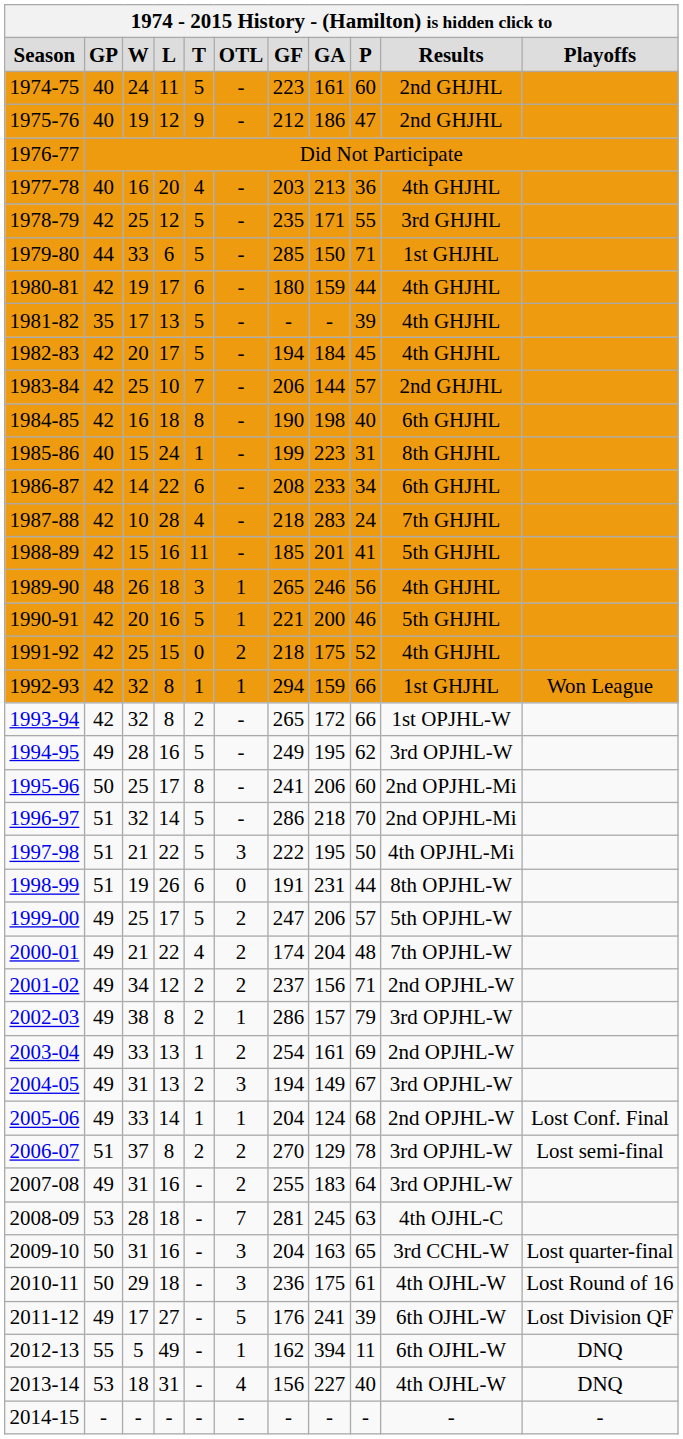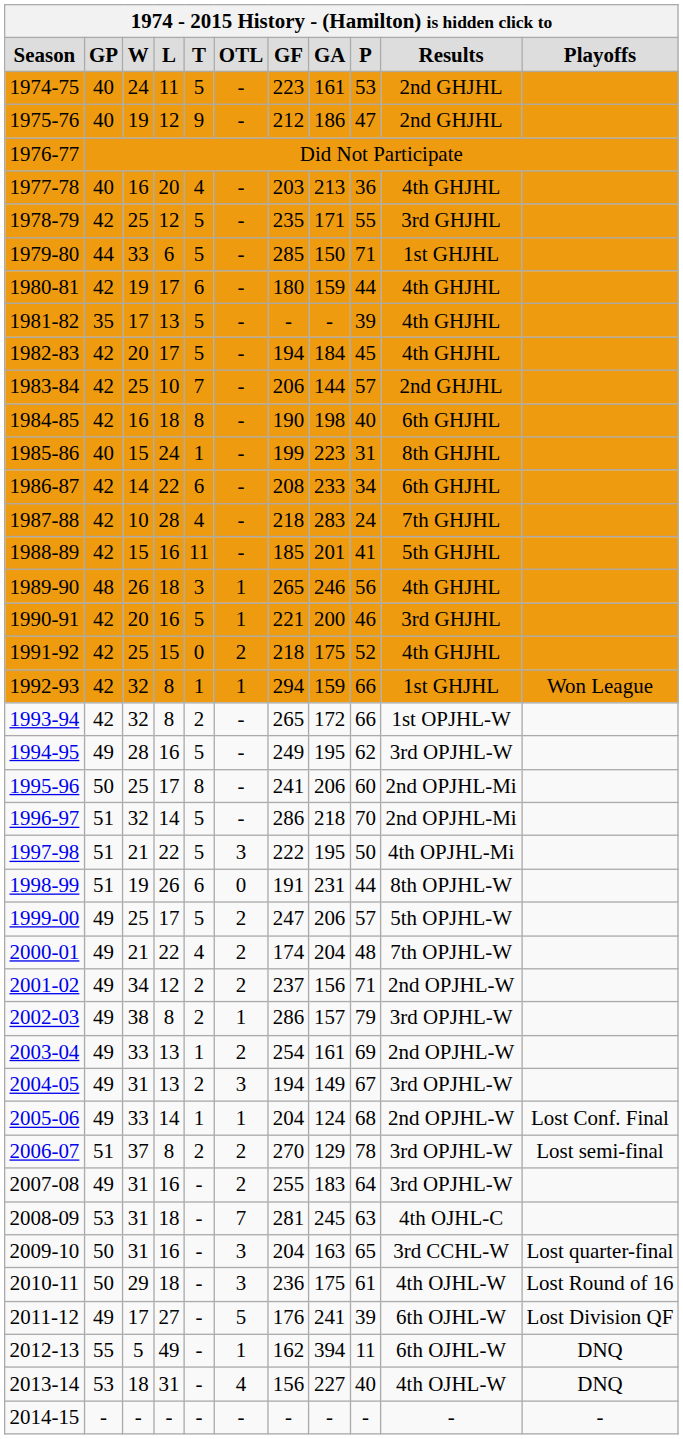 <table class="wikitable collapsible collapsed" style="text-align:center;">
 <tr>
 <th colspan=12 bgcolor="#822433" text_color=white><strong>1974 - 2015 History - (Hamilton)</strong> <small>is hidden click to </small></th>
 </tr>
 <tr align="center"  bgcolor="#dddddd">
 <td><strong>Season</strong></td>
 <td><strong>GP</strong></td>
 <td><strong>W</strong></td>
 <td><strong>L</strong></td>
 <td><strong>T</strong></td>
 <td><strong>OTL</strong></td>
 <td><strong>GF</strong></td>
 <td><strong>GA</strong></td>
 <td><strong>P</strong></td>
 <td><strong>Results</strong></td>
 <td><strong>Playoffs</strong></td>
 </tr>
 <tr align="center" bgcolor="#EF9B0F">
 <td>1974-75</td>
 <td>40</td>
 <td>24</td>
 <td>11</td>
 <td>5</td>
 <td>-</td>
 <td>223</td>
 <td>161</td>
-<td>60</td>
+<td>53</td>
 <td>2nd GHJHL</td>
 <td></td>
 </tr>
 <tr align="center" bgcolor="#EF9B0F">
 <td>1975-76</td>
 <td>40</td>
 <td>19</td>
 <td>12</td>
 <td>9</td>
 <td>-</td>
 <td>212</td>
 <td>186</td>
 <td>47</td>
 <td>2nd GHJHL</td>
 <td></td>
 </tr>
 <tr align="center" bgcolor="#EF9B0F">
 <td>1976-77</td>
 <td colspan="11">Did Not Participate</td>
 </tr>
 <tr align="center" bgcolor="#EF9B0F">
 <td>1977-78</td>
 <td>40</td>
 <td>16</td>
 <td>20</td>
 <td>4</td>
 <td>-</td>
 <td>203</td>
 <td>213</td>
 <td>36</td>
 <td>4th GHJHL</td>
 <td></td>
 </tr>
 <tr align="center" bgcolor="#EF9B0F">
 <td>1978-79</td>
 <td>42</td>
 <td>25</td>
 <td>12</td>
 <td>5</td>
 <td>-</td>
 <td>235</td>
 <td>171</td>
 <td>55</td>
 <td>3rd GHJHL</td>
 <td></td>
 </tr>
 <tr align="center" bgcolor="#EF9B0F">
 <td>1979-80</td>
 <td>44</td>
 <td>33</td>
 <td>6</td>
 <td>5</td>
 <td>-</td>
 <td>285</td>
 <td>150</td>
 <td>71</td>
 <td>1st GHJHL</td>
 <td></td>
 </tr>
 <tr align="center" bgcolor="#EF9B0F">
 <td>1980-81</td>
 <td>42</td>
 <td>19</td>
 <td>17</td>
 <td>6</td>
 <td>-</td>
 <td>180</td>
 <td>159</td>
 <td>44</td>
 <td>4th GHJHL</td>
 <td></td>
 </tr>
 <tr align="center" bgcolor="#EF9B0F">
 <td>1981-82</td>
 <td>35</td>
 <td>17</td>
 <td>13</td>
 <td>5</td>
 <td>-</td>
 <td>-</td>
 <td>-</td>
 <td>39</td>
 <td>4th GHJHL</td>
 <td></td>
 </tr>
 <tr align="center" bgcolor="#EF9B0F">
 <td>1982-83</td>
 <td>42</td>
 <td>20</td>
 <td>17</td>
 <td>5</td>
 <td>-</td>
 <td>194</td>
 <td>184</td>
 <td>45</td>
 <td>4th GHJHL</td>
 <td></td>
 </tr>
 <tr align="center" bgcolor="#EF9B0F">
 <td>1983-84</td>
 <td>42</td>
 <td>25</td>
 <td>10</td>
 <td>7</td>
 <td>-</td>
 <td>206</td>
 <td>144</td>
 <td>57</td>
 <td>2nd GHJHL</td>
 <td></td>
 </tr>
 <tr align="center" bgcolor="#EF9B0F">
 <td>1984-85</td>
 <td>42</td>
 <td>16</td>
 <td>18</td>
 <td>8</td>
 <td>-</td>
 <td>190</td>
 <td>198</td>
 <td>40</td>
 <td>6th GHJHL</td>
 <td></td>
 </tr>
 <tr align="center" bgcolor="#EF9B0F">
 <td>1985-86</td>
 <td>40</td>
 <td>15</td>
 <td>24</td>
 <td>1</td>
 <td>-</td>
 <td>199</td>
 <td>223</td>
 <td>31</td>
 <td>8th GHJHL</td>
 <td></td>
 </tr>
 <tr align="center" bgcolor="#EF9B0F">
 <td>1986-87</td>
 <td>42</td>
 <td>14</td>
 <td>22</td>
 <td>6</td>
 <td>-</td>
 <td>208</td>
 <td>233</td>
 <td>34</td>
 <td>6th GHJHL</td>
 <td></td>
 </tr>
 <tr align="center" bgcolor="#EF9B0F">
 <td>1987-88</td>
 <td>42</td>
 <td>10</td>
 <td>28</td>
 <td>4</td>
 <td>-</td>
 <td>218</td>
 <td>283</td>
 <td>24</td>
 <td>7th GHJHL</td>
 <td></td>
 </tr>
 <tr align="center" bgcolor="#EF9B0F">
 <td>1988-89</td>
 <td>42</td>
 <td>15</td>
 <td>16</td>
 <td>11</td>
 <td>-</td>
 <td>185</td>
 <td>201</td>
 <td>41</td>
 <td>5th GHJHL</td>
 <td></td>
 </tr>
 <tr align="center" bgcolor="#EF9B0F">
 <td>1989-90</td>
 <td>48</td>
 <td>26</td>
 <td>18</td>
 <td>3</td>
 <td>1</td>
 <td>265</td>
 <td>246</td>
 <td>56</td>
 <td>4th GHJHL</td>
 <td></td>
 </tr>
 <tr align="center" bgcolor="#EF9B0F">
 <td>1990-91</td>
 <td>42</td>
 <td>20</td>
 <td>16</td>
 <td>5</td>
 <td>1</td>
 <td>221</td>
 <td>200</td>
 <td>46</td>
-<td>5th GHJHL</td>
+<td>3rd GHJHL</td>
 <td></td>
 </tr>
 <tr align="center" bgcolor="#EF9B0F">
 <td>1991-92</td>
 <td>42</td>
 <td>25</td>
 <td>15</td>
 <td>0</td>
 <td>2</td>
 <td>218</td>
 <td>175</td>
 <td>52</td>
 <td>4th GHJHL</td>
 <td></td>
 </tr>
 <tr align="center" bgcolor="#EF9B0F">
 <td>1992-93</td>
 <td>42</td>
 <td>32</td>
 <td>8</td>
 <td>1</td>
 <td>1</td>
 <td>294</td>
 <td>159</td>
 <td>66</td>
 <td>1st GHJHL</td>
 <td>Won League</td>
 </tr>
 <tr align="center">
 <td><a href='#'>1993-94</a></td>
 <td>42</td>
 <td>32</td>
 <td>8</td>
 <td>2</td>
 <td>-</td>
 <td>265</td>
 <td>172</td>
 <td>66</td>
 <td>1st OPJHL-W</td>
 <td></td>
 </tr>
 <tr align="center">
 <td><a href='#'>1994-95</a></td>
 <td>49</td>
 <td>28</td>
 <td>16</td>
 <td>5</td>
 <td>-</td>
 <td>249</td>
 <td>195</td>
 <td>62</td>
 <td>3rd OPJHL-W</td>
 <td></td>
 </tr>
 <tr align="center">
 <td><a href='#'>1995-96</a></td>
 <td>50</td>
 <td>25</td>
 <td>17</td>
 <td>8</td>
 <td>-</td>
 <td>241</td>
 <td>206</td>
 <td>60</td>
 <td>2nd OPJHL-Mi</td>
 <td></td>
 </tr>
 <tr align="center">
 <td><a href='#'>1996-97</a></td>
 <td>51</td>
 <td>32</td>
 <td>14</td>
 <td>5</td>
 <td>-</td>
 <td>286</td>
 <td>218</td>
 <td>70</td>
 <td>2nd OPJHL-Mi</td>
 <td></td>
 </tr>
 <tr align="center">
 <td><a href='#'>1997-98</a></td>
 <td>51</td>
 <td>21</td>
 <td>22</td>
 <td>5</td>
 <td>3</td>
 <td>222</td>
 <td>195</td>
 <td>50</td>
 <td>4th OPJHL-Mi</td>
 <td></td>
 </tr>
 <tr align="center">
 <td><a href='#'>1998-99</a></td>
 <td>51</td>
 <td>19</td>
 <td>26</td>
 <td>6</td>
 <td>0</td>
 <td>191</td>
 <td>231</td>
 <td>44</td>
 <td>8th OPJHL-W</td>
 <td></td>
 </tr>
 <tr align="center">
 <td><a href='#'>1999-00</a></td>
 <td>49</td>
 <td>25</td>
 <td>17</td>
 <td>5</td>
 <td>2</td>
 <td>247</td>
 <td>206</td>
 <td>57</td>
 <td>5th OPJHL-W</td>
 <td></td>
 </tr>
 <tr align="center">
 <td><a href='#'>2000-01</a></td>
 <td>49</td>
 <td>21</td>
 <td>22</td>
 <td>4</td>
 <td>2</td>
 <td>174</td>
 <td>204</td>
 <td>48</td>
 <td>7th OPJHL-W</td>
 <td></td>
 </tr>
 <tr align="center">
 <td><a href='#'>2001-02</a></td>
 <td>49</td>
 <td>34</td>
 <td>12</td>
 <td>2</td>
 <td>2</td>
 <td>237</td>
 <td>156</td>
 <td>71</td>
 <td>2nd OPJHL-W</td>
 <td></td>
 </tr>
 <tr align="center">
 <td><a href='#'>2002-03</a></td>
 <td>49</td>
 <td>38</td>
 <td>8</td>
 <td>2</td>
 <td>1</td>
 <td>286</td>
 <td>157</td>
 <td>79</td>
 <td>3rd OPJHL-W</td>
 <td></td>
 </tr>
 <tr align="center">
 <td><a href='#'>2003-04</a></td>
 <td>49</td>
 <td>33</td>
 <td>13</td>
 <td>1</td>
 <td>2</td>
 <td>254</td>
 <td>161</td>
 <td>69</td>
 <td>2nd OPJHL-W</td>
 <td></td>
 </tr>
 <tr align="center">
 <td><a href='#'>2004-05</a></td>
 <td>49</td>
 <td>31</td>
 <td>13</td>
 <td>2</td>
 <td>3</td>
 <td>194</td>
 <td>149</td>
 <td>67</td>
 <td>3rd OPJHL-W</td>
 <td></td>
 </tr>
 <tr align="center">
 <td><a href='#'>2005-06</a></td>
 <td>49</td>
 <td>33</td>
 <td>14</td>
 <td>1</td>
 <td>1</td>
 <td>204</td>
 <td>124</td>
 <td>68</td>
 <td>2nd OPJHL-W</td>
 <td>Lost Conf. Final</td>
 </tr>
 <tr align="center">
 <td><a href='#'>2006-07</a></td>
 <td>51</td>
 <td>37</td>
 <td>8</td>
 <td>2</td>
 <td>2</td>
 <td>270</td>
 <td>129</td>
 <td>78</td>
 <td>3rd OPJHL-W</td>
 <td>Lost semi-final</td>
 </tr>
 <tr align="center">
 <td>2007-08</td>
 <td>49</td>
 <td>31</td>
 <td>16</td>
 <td>-</td>
 <td>2</td>
 <td>255</td>
 <td>183</td>
 <td>64</td>
 <td>3rd OPJHL-W</td>
 <td></td>
 </tr>
 <tr align="center">
 <td>2008-09</td>
 <td>53</td>
-<td>28</td>
+<td>31</td>
 <td>18</td>
 <td>-</td>
 <td>7</td>
 <td>281</td>
 <td>245</td>
 <td>63</td>
 <td>4th OJHL-C</td>
 <td></td>
 </tr>
 <tr align="center">
 <td>2009-10</td>
 <td>50</td>
 <td>31</td>
 <td>16</td>
 <td>-</td>
 <td>3</td>
 <td>204</td>
 <td>163</td>
 <td>65</td>
 <td>3rd CCHL-W</td>
 <td>Lost quarter-final</td>
 </tr>
 <tr align="center">
 <td>2010-11</td>
 <td>50</td>
 <td>29</td>
 <td>18</td>
 <td>-</td>
 <td>3</td>
 <td>236</td>
 <td>175</td>
 <td>61</td>
 <td>4th OJHL-W</td>
 <td>Lost Round of 16</td>
 </tr>
 <tr align="center">
 <td>2011-12</td>
 <td>49</td>
 <td>17</td>
 <td>27</td>
 <td>-</td>
 <td>5</td>
 <td>176</td>
 <td>241</td>
 <td>39</td>
 <td>6th OJHL-W</td>
 <td>Lost Division QF</td>
 </tr>
 <tr align="center">
 <td>2012-13</td>
 <td>55</td>
 <td>5</td>
 <td>49</td>
 <td>-</td>
 <td>1</td>
 <td>162</td>
 <td>394</td>
 <td>11</td>
 <td>6th OJHL-W</td>
 <td>DNQ</td>
 </tr>
 <tr align="center">
 <td>2013-14</td>
 <td>53</td>
 <td>18</td>
 <td>31</td>
 <td>-</td>
 <td>4</td>
 <td>156</td>
 <td>227</td>
 <td>40</td>
 <td>4th OJHL-W</td>
 <td>DNQ</td>
 </tr>
 <tr align="center">
 <td>2014-15</td>
 <td>-</td>
 <td>-</td>
 <td>-</td>
 <td>-</td>
 <td>-</td>
 <td>-</td>
 <td>-</td>
 <td>-</td>
 <td>-</td>
 <td>-</td>
 </tr>
 </table>
